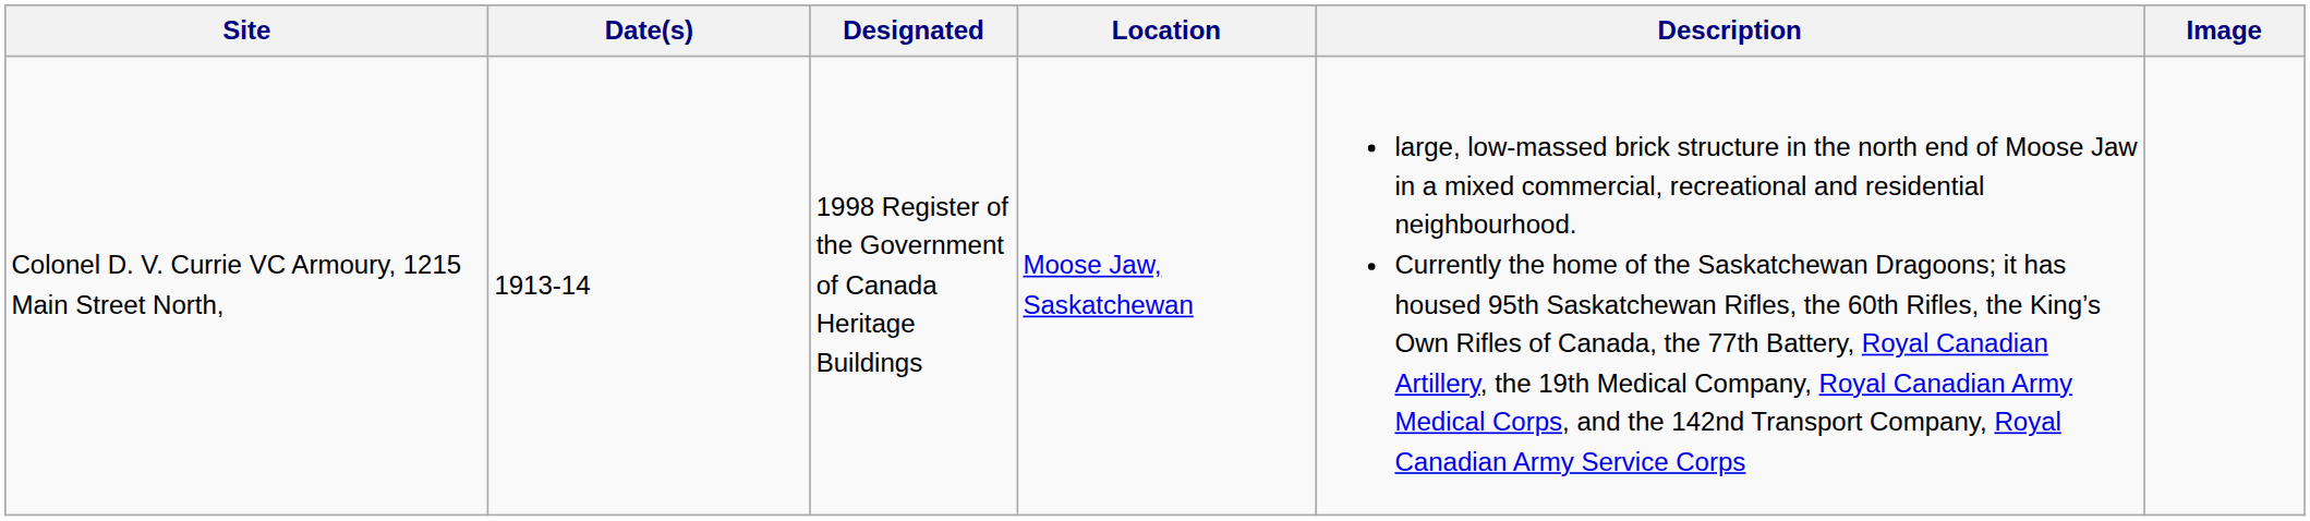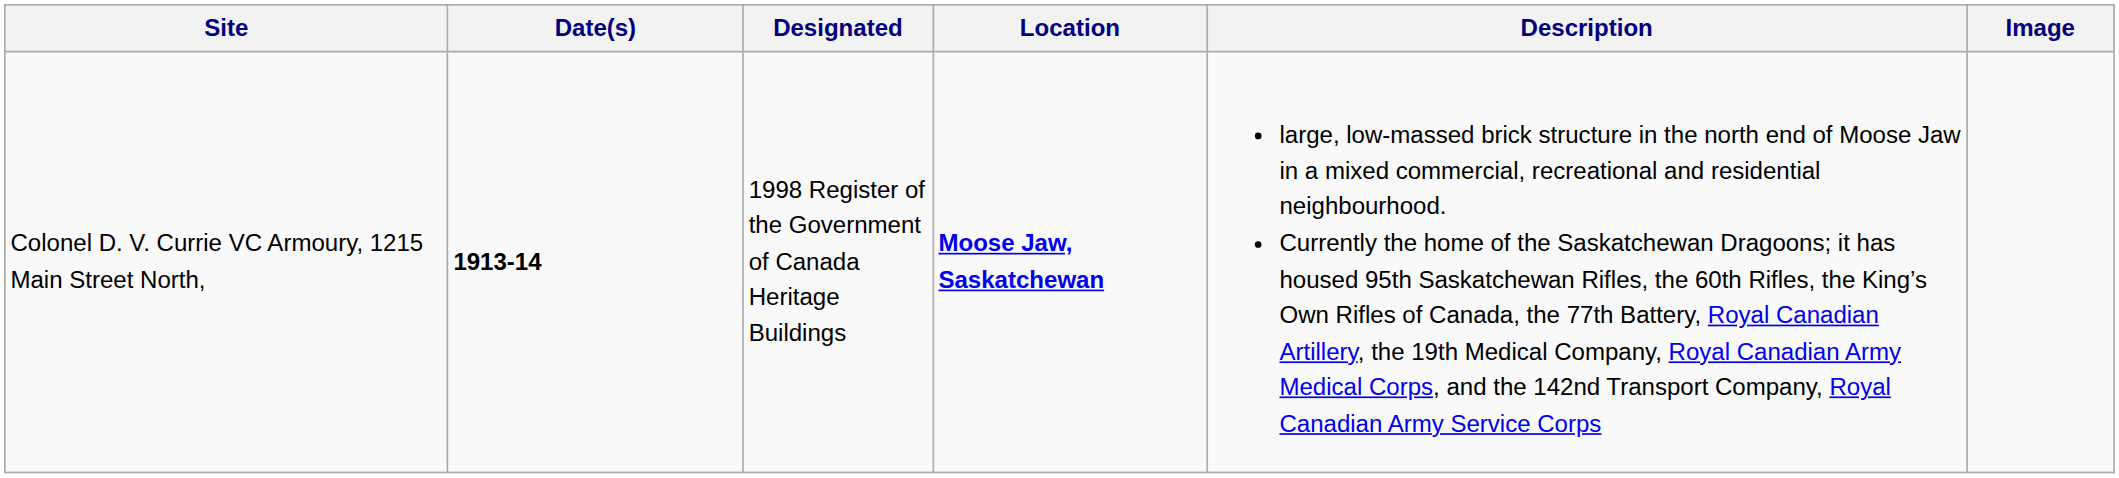 <table class="wikitable sortable" style="font-size:90%;width:100%;border:0px;text-align:left;line-height:150%;">
 <tr>
 <th style="background: #f2f2f2; color: #000080" width="21%">Site</th>
 <th style="background: #f2f2f2; color: #000080" width="14%">Date(s)</th>
 <th style="background: #f2f2f2; color: #000080" width="9%">Designated</th>
 <th style="background: #f2f2f2; color: #000080" width="13%">Location</th>
 <th style="background: #f2f2f2; color: #000080" width="36%" class="unsortable">Description</th>
 <th style="background: #f2f2f2; color: #000080" width="7%" class="unsortable">Image</th>
 </tr>
 <tr>
 <td>Colonel D. V. Currie VC Armoury,  1215 Main Street North,</td>
-<td>1913-14</td>
+<td><strong>1913-14</strong></td>
 <td>1998 Register of the Government of Canada Heritage Buildings</td>
-<td><a href='#'>Moose Jaw, Saskatchewan</a></td>
+<td><strong><a href='#'>Moose Jaw, Saskatchewan</a></strong></td>
 <td><br><ul><li>large, low-massed brick structure in the north end of Moose Jaw in a mixed commercial, recreational and residential neighbourhood.</li><li>Currently the home of the Saskatchewan Dragoons; it has housed 95th Saskatchewan Rifles, the 60th Rifles, the King’s Own Rifles of Canada, the 77th Battery, <a href='#'>Royal Canadian Artillery</a>, the 19th Medical Company, <a href='#'>Royal Canadian Army Medical Corps</a>, and the 142nd Transport Company, <a href='#'>Royal Canadian Army Service Corps</a></li></ul></td>
 <td></td>
 </tr>
 <tr>
 </tr>
 </table>
